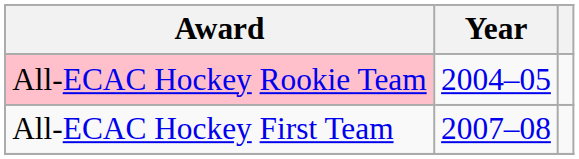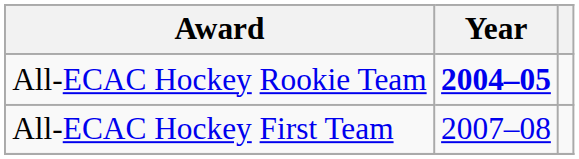 <table class="wikitable">
 <tr>
 <th>Award</th>
 <th>Year</th>
 <th></th>
 </tr>
 <tr>
-<td style="background: pink;">All-<a href='#'>ECAC Hockey</a> <a href='#'>Rookie Team</a></td>
-<td><a href='#'>2004–05</a></td>
+<td>All-<a href='#'>ECAC Hockey</a> <a href='#'>Rookie Team</a></td>
+<td><strong><a href='#'>2004–05</a></strong></td>
 <td></td>
 </tr>
 <tr>
 <td>All-<a href='#'>ECAC Hockey</a> <a href='#'>First Team</a></td>
 <td><a href='#'>2007–08</a></td>
 <td></td>
 </tr>
 <tr>
 </tr>
 </table>
